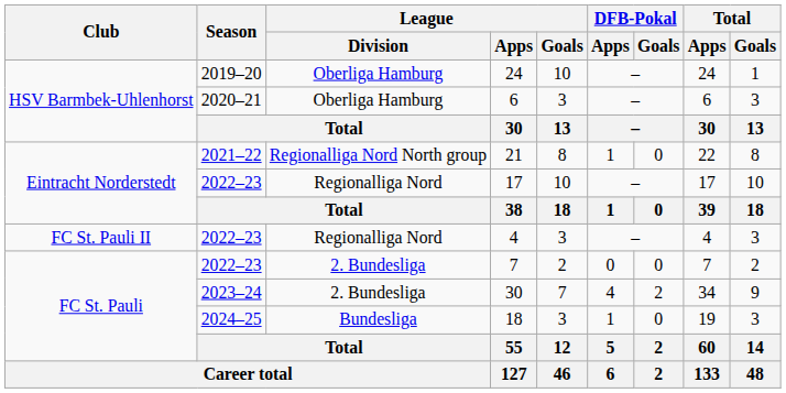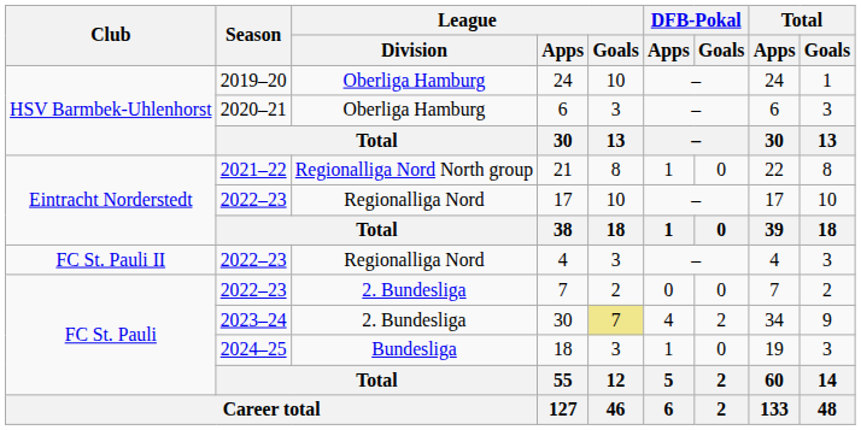 <table class="wikitable" style="text-align:center">
 <tr>
 <th rowspan="2">Club</th>
 <th rowspan="2">Season</th>
 <th colspan="3">League</th>
 <th colspan="2"><a href='#'>DFB-Pokal</a></th>
 <th colspan="2">Total</th>
 </tr>
 <tr>
 <th>Division</th>
 <th>Apps</th>
 <th>Goals</th>
 <th>Apps</th>
 <th>Goals</th>
 <th>Apps</th>
 <th>Goals</th>
 </tr>
 <tr>
 <td rowspan="3"><a href='#'>HSV Barmbek-Uhlenhorst</a></td>
 <td>2019–20</td>
 <td><a href='#'>Oberliga Hamburg</a></td>
 <td>24</td>
 <td>10</td>
 <td colspan="2">–</td>
 <td>24</td>
 <td>1</td>
 </tr>
 <tr>
 <td>2020–21</td>
 <td>Oberliga Hamburg</td>
 <td>6</td>
 <td>3</td>
 <td colspan="2">–</td>
 <td>6</td>
 <td>3</td>
 </tr>
 <tr>
 <th colspan="2">Total</th>
 <th>30</th>
 <th>13</th>
 <th colspan="2">–</th>
 <th>30</th>
 <th>13</th>
 </tr>
 <tr>
 <td rowspan="3"><a href='#'>Eintracht Norderstedt</a></td>
 <td><a href='#'>2021–22</a></td>
 <td><a href='#'>Regionalliga Nord</a> North group</td>
 <td>21</td>
 <td>8</td>
 <td>1</td>
 <td>0</td>
 <td>22</td>
 <td>8</td>
 </tr>
 <tr>
 <td><a href='#'>2022–23</a></td>
 <td>Regionalliga Nord</td>
 <td>17</td>
 <td>10</td>
 <td colspan="2">–</td>
 <td>17</td>
 <td>10</td>
 </tr>
 <tr>
 <th colspan="2">Total</th>
 <th>38</th>
 <th>18</th>
 <th>1</th>
 <th>0</th>
 <th>39</th>
 <th>18</th>
 </tr>
 <tr>
 <td><a href='#'>FC St. Pauli II</a></td>
 <td><a href='#'>2022–23</a></td>
 <td>Regionalliga Nord</td>
 <td>4</td>
 <td>3</td>
 <td colspan="2">–</td>
 <td>4</td>
 <td>3</td>
 </tr>
 <tr>
 <td rowspan="4"><a href='#'>FC St. Pauli</a></td>
 <td><a href='#'>2022–23</a></td>
 <td><a href='#'>2. Bundesliga</a></td>
 <td>7</td>
 <td>2</td>
 <td>0</td>
 <td>0</td>
 <td>7</td>
 <td>2</td>
 </tr>
 <tr>
 <td><a href='#'>2023–24</a></td>
 <td>2. Bundesliga</td>
 <td>30</td>
-<td>7</td>
+<td style="background: khaki;">7</td>
 <td>4</td>
 <td>2</td>
 <td>34</td>
 <td>9</td>
 </tr>
 <tr>
 <td><a href='#'>2024–25</a></td>
 <td><a href='#'>Bundesliga</a></td>
 <td>18</td>
 <td>3</td>
 <td>1</td>
 <td>0</td>
 <td>19</td>
 <td>3</td>
 </tr>
 <tr>
 <th colspan="2">Total</th>
 <th>55</th>
 <th>12</th>
 <th>5</th>
 <th>2</th>
 <th>60</th>
 <th>14</th>
 </tr>
 <tr>
 <th colspan="3">Career total</th>
 <th>127</th>
 <th>46</th>
 <th>6</th>
 <th>2</th>
 <th>133</th>
 <th>48</th>
 </tr>
 </table>
